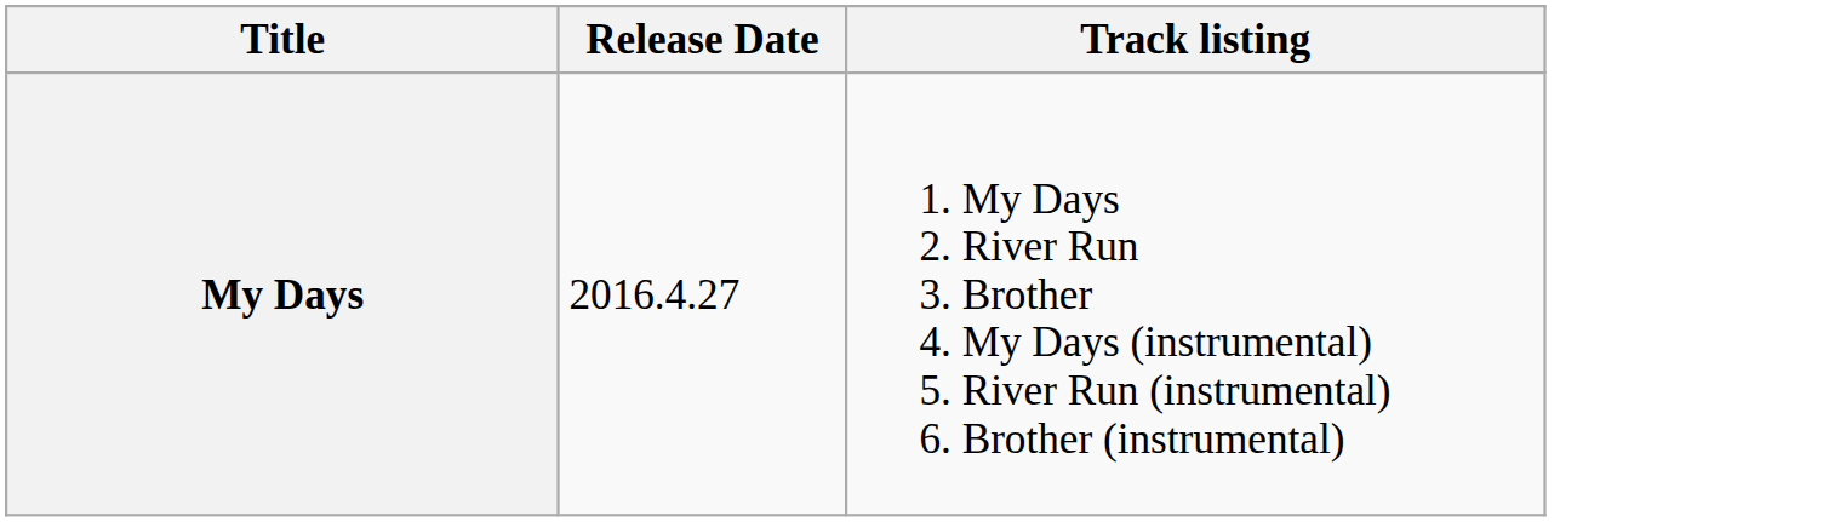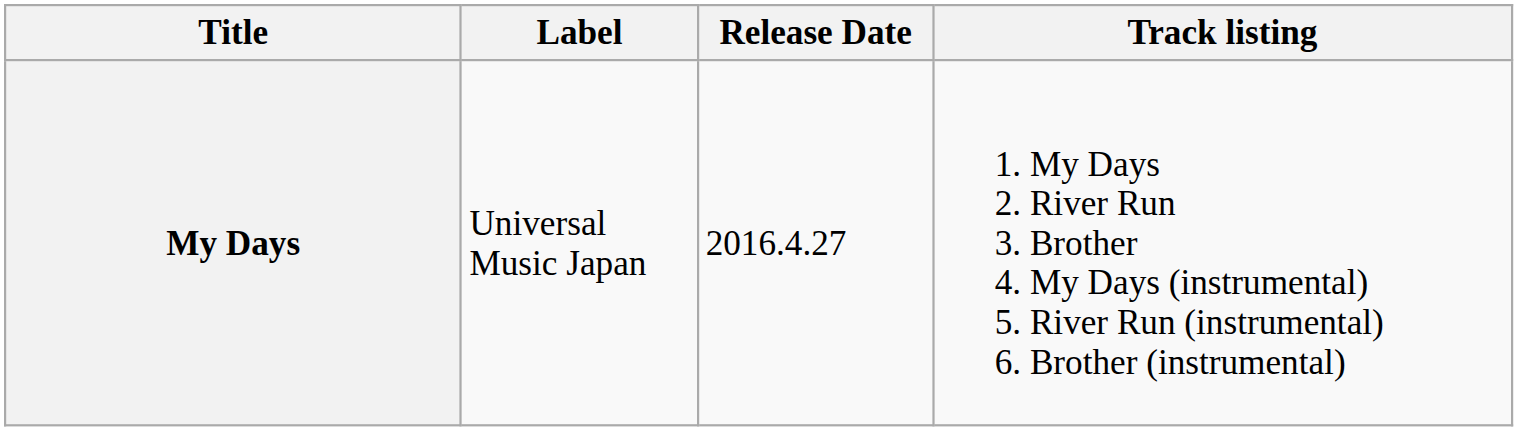 <table class="wikitable">
 <tr>
 <th width="200px">Title</th>
+<th width="100px">Label</th>
 <th width="100px">Release Date</th>
 <th width="255px">Track listing</th>
 </tr>
 <tr>
 <th>My Days</th>
+<td>Universal Music Japan</td>
 <td>2016.4.27</td>
 <td><br><ol><li>My Days</li><li>River Run</li><li>Brother</li><li>My Days (instrumental)</li><li>River Run (instrumental)</li><li>Brother (instrumental)</li></ol></td>
 </tr>
 </table>
